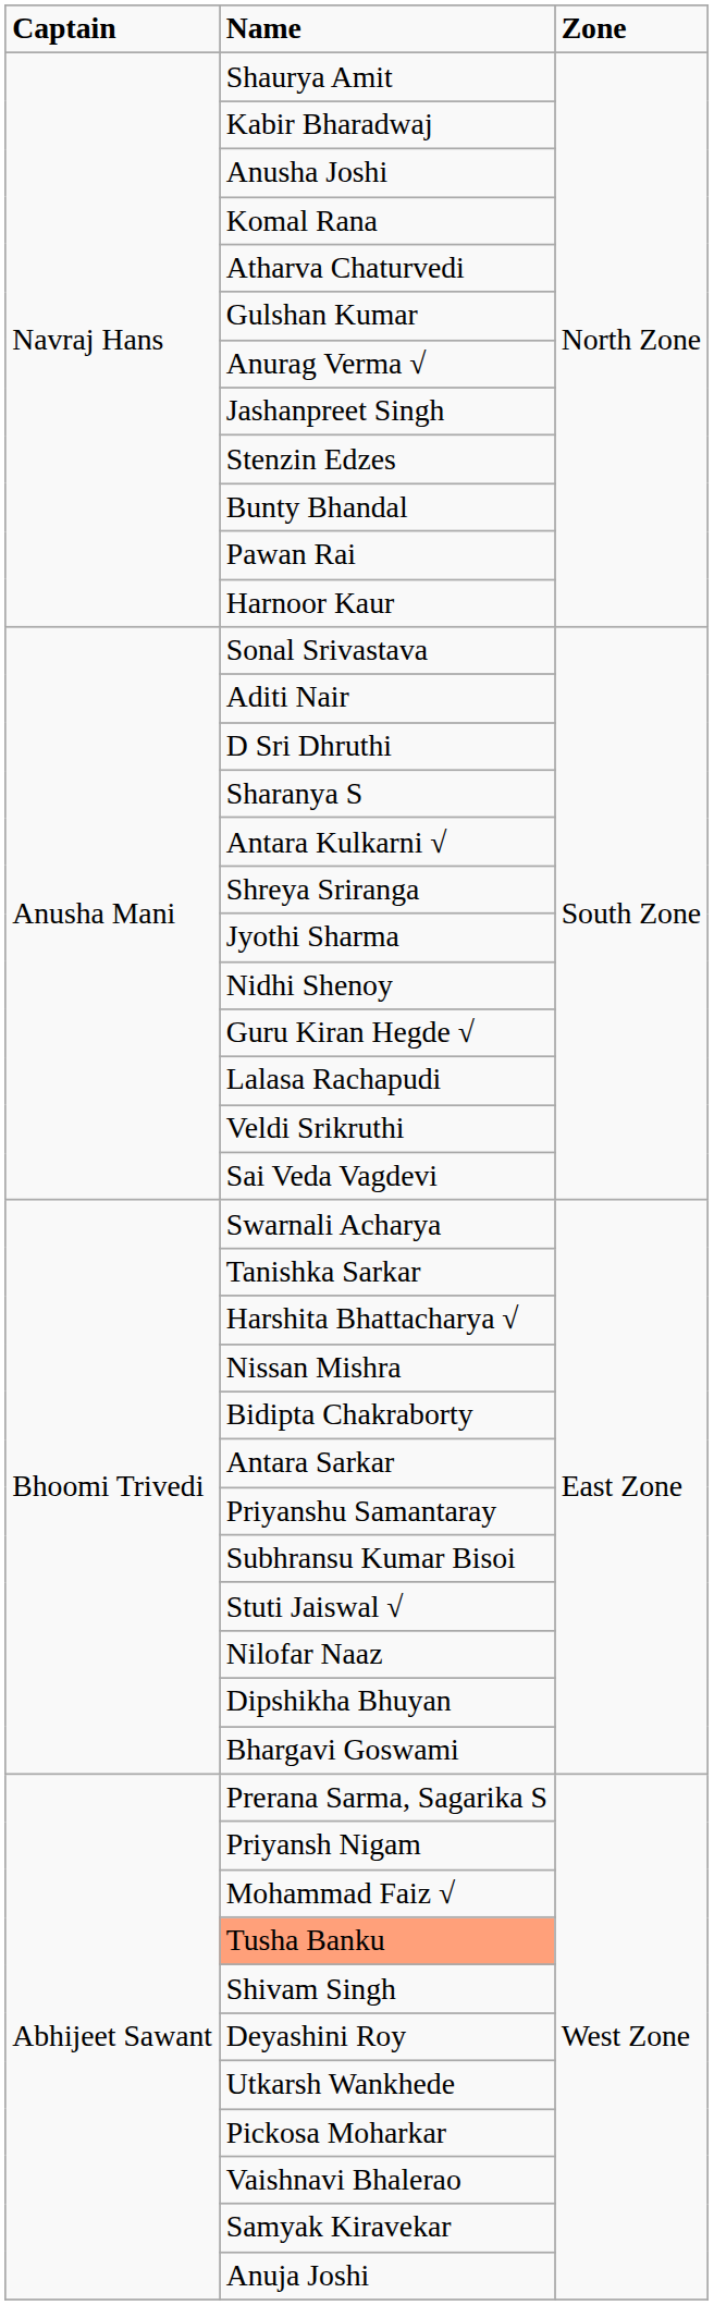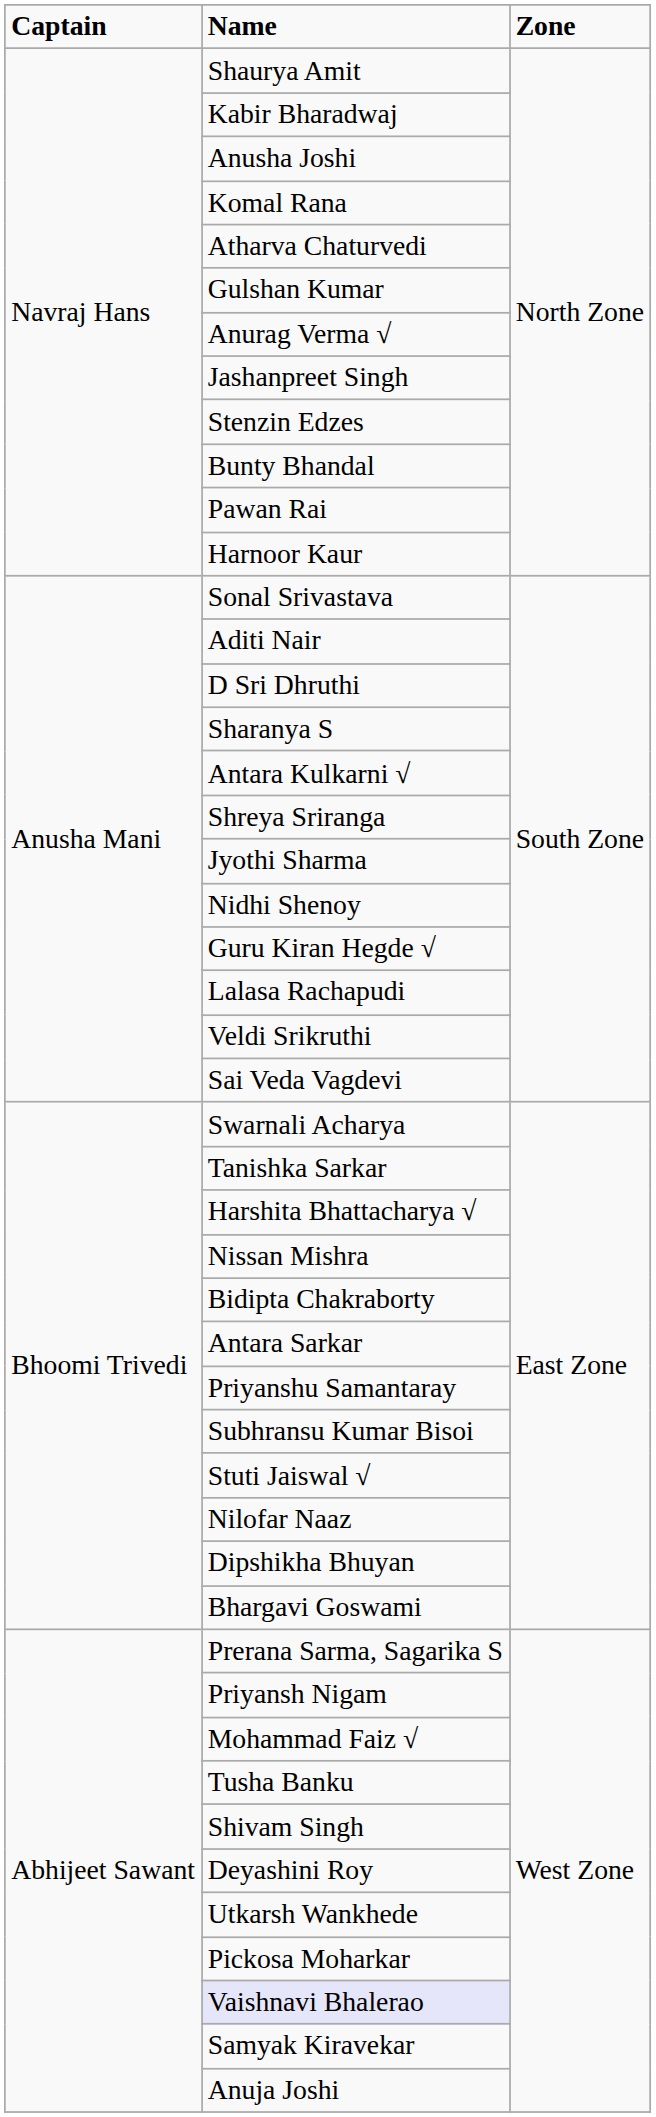 <table class="wikitable">
 <tr>
 <td><strong>Captain</strong></td>
 <td><strong>Name</strong></td>
 <td><strong>Zone</strong></td>
 </tr>
 <tr>
 <td rowspan="12">Navraj  Hans</td>
 <td>Shaurya Amit</td>
 <td rowspan="12">North Zone</td>
 </tr>
 <tr>
 <td>Kabir Bharadwaj</td>
 </tr>
 <tr>
 <td>Anusha Joshi</td>
 </tr>
 <tr>
 <td>Komal Rana</td>
 </tr>
 <tr>
 <td>Atharva Chaturvedi</td>
 </tr>
 <tr>
 <td>Gulshan Kumar</td>
 </tr>
 <tr>
 <td>Anurag Verma √</td>
 </tr>
 <tr>
 <td>Jashanpreet Singh</td>
 </tr>
 <tr>
 <td>Stenzin Edzes</td>
 </tr>
 <tr>
 <td>Bunty Bhandal</td>
 </tr>
 <tr>
 <td>Pawan Rai</td>
 </tr>
 <tr>
 <td>Harnoor Kaur</td>
 </tr>
 <tr>
 <td rowspan="12">Anusha  Mani</td>
 <td>Sonal Srivastava</td>
 <td rowspan="12">South Zone</td>
 </tr>
 <tr>
 <td>Aditi Nair</td>
 </tr>
 <tr>
 <td>D Sri Dhruthi</td>
 </tr>
 <tr>
 <td>Sharanya S</td>
 </tr>
 <tr>
 <td>Antara Kulkarni √</td>
 </tr>
 <tr>
 <td>Shreya Sriranga</td>
 </tr>
 <tr>
 <td>Jyothi Sharma</td>
 </tr>
 <tr>
 <td>Nidhi Shenoy</td>
 </tr>
 <tr>
 <td>Guru Kiran Hegde √</td>
 </tr>
 <tr>
 <td>Lalasa Rachapudi</td>
 </tr>
 <tr>
 <td>Veldi Srikruthi</td>
 </tr>
 <tr>
 <td>Sai Veda Vagdevi</td>
 </tr>
 <tr>
 <td rowspan="12">Bhoomi  Trivedi</td>
 <td>Swarnali Acharya</td>
 <td rowspan="12">East Zone</td>
 </tr>
 <tr>
 <td>Tanishka Sarkar</td>
 </tr>
 <tr>
 <td>Harshita Bhattacharya √</td>
 </tr>
 <tr>
 <td>Nissan Mishra</td>
 </tr>
 <tr>
 <td>Bidipta Chakraborty</td>
 </tr>
 <tr>
 <td>Antara Sarkar</td>
 </tr>
 <tr>
 <td>Priyanshu Samantaray</td>
 </tr>
 <tr>
 <td>Subhransu Kumar Bisoi</td>
 </tr>
 <tr>
 <td>Stuti Jaiswal √</td>
 </tr>
 <tr>
 <td>Nilofar Naaz</td>
 </tr>
 <tr>
 <td>Dipshikha Bhuyan</td>
 </tr>
 <tr>
 <td>Bhargavi Goswami</td>
 </tr>
 <tr>
 <td rowspan="11">Abhijeet  Sawant</td>
 <td>Prerana Sarma, Sagarika S</td>
 <td rowspan="11">West Zone</td>
 </tr>
 <tr>
 <td>Priyansh Nigam</td>
 </tr>
 <tr>
 <td>Mohammad Faiz √</td>
 </tr>
 <tr>
-<td style="background: lightsalmon;">Tusha Banku</td>
+<td>Tusha Banku</td>
 </tr>
 <tr>
 <td>Shivam Singh</td>
 </tr>
 <tr>
 <td>Deyashini Roy</td>
 </tr>
 <tr>
 <td>Utkarsh Wankhede</td>
 </tr>
 <tr>
 <td>Pickosa Moharkar</td>
 </tr>
 <tr>
-<td>Vaishnavi Bhalerao</td>
+<td style="background: lavender;">Vaishnavi Bhalerao</td>
 </tr>
 <tr>
 <td>Samyak Kiravekar</td>
 </tr>
 <tr>
 <td>Anuja Joshi</td>
 </tr>
 </table>
